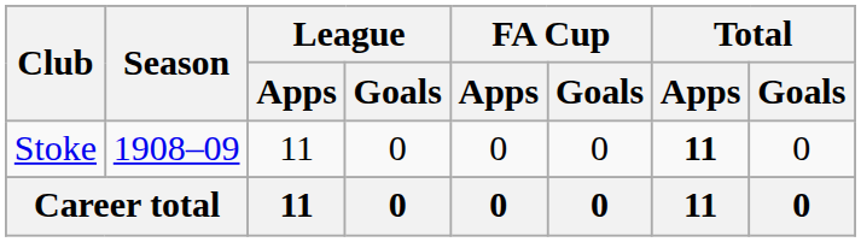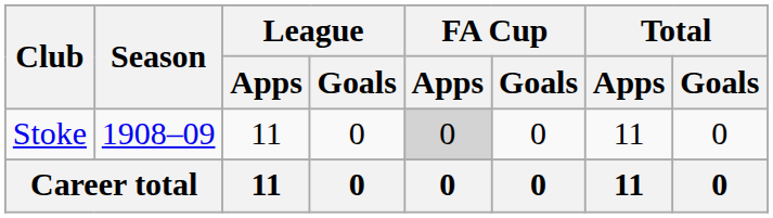 <table class="wikitable" style="text-align: center;">
 <tr>
 <th rowspan="2">Club</th>
 <th rowspan="2">Season</th>
 <th colspan="2">League</th>
 <th colspan="2">FA Cup</th>
 <th colspan="2">Total</th>
 </tr>
 <tr>
 <th>Apps</th>
 <th>Goals</th>
 <th>Apps</th>
 <th>Goals</th>
 <th>Apps</th>
 <th>Goals</th>
 </tr>
 <tr>
 <td><a href='#'>Stoke</a></td>
 <td><a href='#'>1908–09</a></td>
 <td>11</td>
 <td>0</td>
+<td style="background: lightgrey;">0</td>
 <td>0</td>
-<td>0</td>
-<td><strong>11</strong></td>
+<td>11</td>
 <td>0</td>
 </tr>
 <tr>
 <th colspan="2">Career total</th>
 <th>11</th>
 <th>0</th>
 <th>0</th>
 <th>0</th>
 <th>11</th>
 <th>0</th>
 </tr>
 </table>
